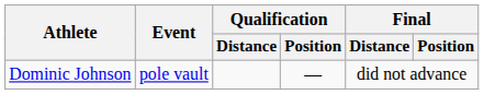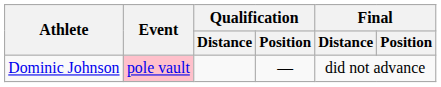 <table class=wikitable style="font-size:90%">
 <tr>
 <th rowspan="2">Athlete</th>
 <th rowspan="2">Event</th>
 <th colspan="2">Qualification</th>
 <th colspan="2">Final</th>
 </tr>
 <tr style="font-size:95%">
 <th>Distance</th>
 <th>Position</th>
 <th>Distance</th>
 <th>Position</th>
 </tr>
 <tr align=center>
 <td align=left><a href='#'>Dominic Johnson</a></td>
-<td align=left><a href='#'>pole vault</a></td>
+<td align=left style="background: pink;"><a href='#'>pole vault</a></td>
 <td></td>
 <td>—</td>
 <td colspan=2>did not advance</td>
 </tr>
 </table>
